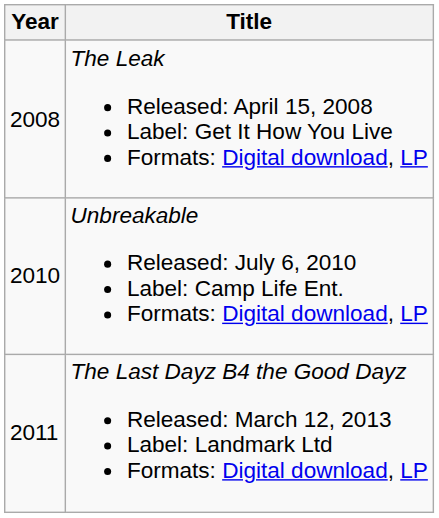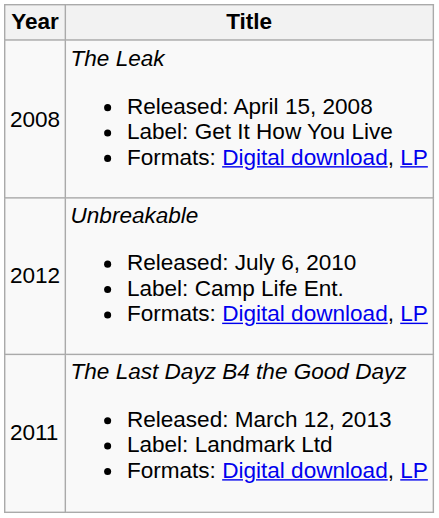 <table class="wikitable">
 <tr>
 <th>Year</th>
 <th>Title</th>
 </tr>
 <tr>
 <td>2008</td>
 <td><em>The Leak</em><br><ul><li>Released: April 15, 2008</li><li>Label: Get It How You Live</li><li>Formats: <a href='#'>Digital download</a>, <a href='#'>LP</a></li></ul></td>
 </tr>
 <tr>
-<td>2010</td>
+<td>2012</td>
 <td><em>Unbreakable</em><br><ul><li>Released: July 6, 2010</li><li>Label: Camp Life Ent.</li><li>Formats: <a href='#'>Digital download</a>, <a href='#'>LP</a></li></ul></td>
 </tr>
 <tr>
 <td>2011</td>
 <td><em>The Last Dayz B4 the Good Dayz</em><br><ul><li>Released: March 12, 2013</li><li>Label: Landmark Ltd</li><li>Formats: <a href='#'>Digital download</a>, <a href='#'>LP</a></li></ul></td>
 </tr>
 </table>
